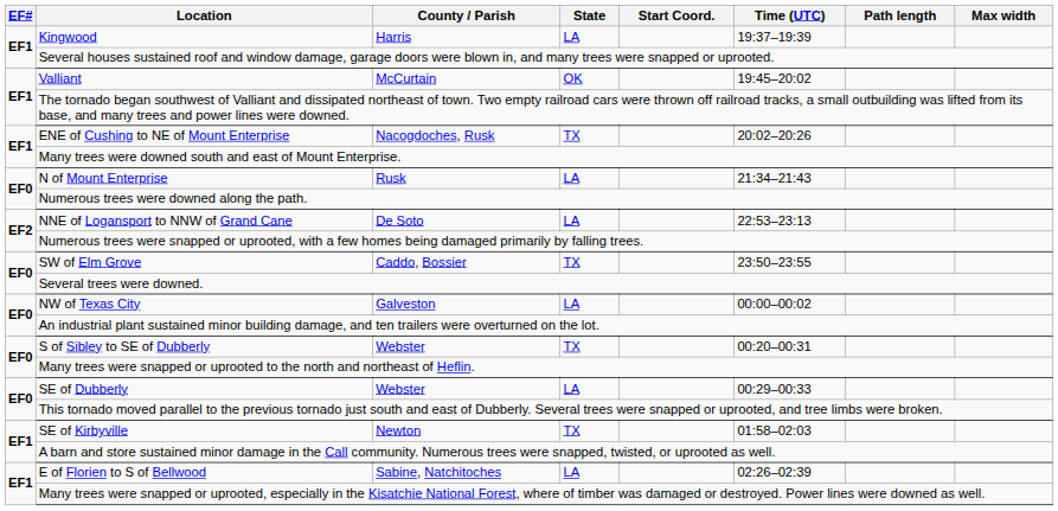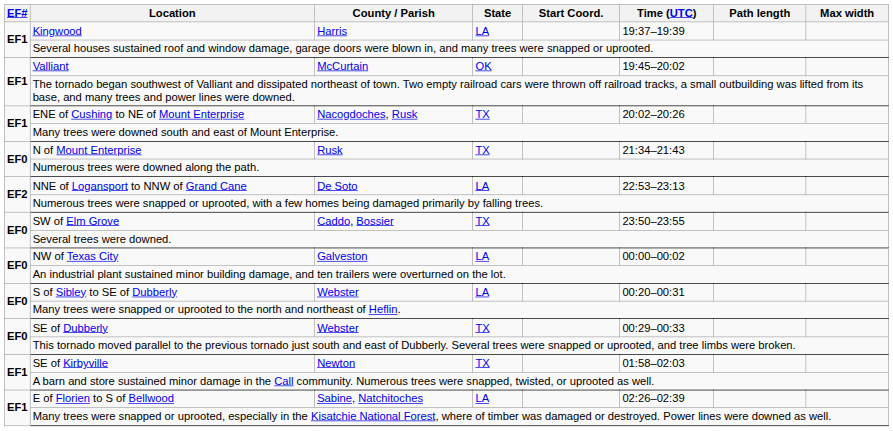 <table class="wikitable sortable" style="width:100%;">
 <tr>
 <th scope="col" width="2%" align="center"><a href='#'>EF#</a></th>
 <th scope="col" align="center" class="unsortable">Location</th>
 <th scope="col" align="center" class="unsortable">County / Parish</th>
 <th scope="col" align="center">State</th>
 <th scope="col" align="center" data-sort-type="number">Start Coord.</th>
 <th scope="col" align="center" data-sort-type="number">Time (<a href='#'>UTC</a>)</th>
 <th scope="col" align="center" data-sort-type="number">Path length</th>
 <th scope="col" align="center" data-sort-type="number">Max width</th>
 </tr>
 <tr>
 <td rowspan="2" align="center"><strong>EF1</strong></td>
 <td><a href='#'>Kingwood</a></td>
 <td><a href='#'>Harris</a></td>
 <td><a href='#'>LA</a></td>
 <td></td>
 <td>19:37–19:39</td>
 <td></td>
 <td></td>
 </tr>
 <tr class="expand-child">
 <td colspan="7" style=" border-bottom: 1px solid black;">Several houses sustained roof and window damage, garage doors were blown in, and many trees were snapped or uprooted.</td>
 </tr>
 <tr>
 <td rowspan="2" align="center"><strong>EF1</strong></td>
 <td><a href='#'>Valliant</a></td>
 <td><a href='#'>McCurtain</a></td>
 <td><a href='#'>OK</a></td>
 <td></td>
 <td>19:45–20:02</td>
 <td></td>
 <td></td>
 </tr>
 <tr class="expand-child">
 <td colspan="7" style=" border-bottom: 1px solid black;">The tornado began southwest of Valliant and dissipated northeast of town. Two empty railroad cars were thrown off railroad tracks, a small outbuilding was lifted from its base, and many trees and power lines were downed.</td>
 </tr>
 <tr>
 <td rowspan="2" align="center"><strong>EF1</strong></td>
 <td>ENE of <a href='#'>Cushing</a> to NE of <a href='#'>Mount Enterprise</a></td>
 <td><a href='#'>Nacogdoches</a>, <a href='#'>Rusk</a></td>
 <td><a href='#'>TX</a></td>
 <td></td>
 <td>20:02–20:26</td>
 <td></td>
 <td></td>
 </tr>
 <tr class="expand-child">
 <td colspan="7" style=" border-bottom: 1px solid black;">Many trees were downed south and east of Mount Enterprise.</td>
 </tr>
 <tr>
 <td rowspan="2" align="center"><strong>EF0</strong></td>
 <td>N of <a href='#'>Mount Enterprise</a></td>
 <td><a href='#'>Rusk</a></td>
-<td><a href='#'>LA</a></td>
+<td><a href='#'>TX</a></td>
 <td></td>
 <td>21:34–21:43</td>
 <td></td>
 <td></td>
 </tr>
 <tr class="expand-child">
 <td colspan="7" style=" border-bottom: 1px solid black;">Numerous trees were downed along the path.</td>
 </tr>
 <tr>
 <td rowspan="2" align="center"><strong>EF2</strong></td>
 <td>NNE of <a href='#'>Logansport</a> to NNW of <a href='#'>Grand Cane</a></td>
 <td><a href='#'>De Soto</a></td>
 <td><a href='#'>LA</a></td>
 <td></td>
 <td>22:53–23:13</td>
 <td></td>
 <td></td>
 </tr>
 <tr class="expand-child">
 <td colspan="7" style=" border-bottom: 1px solid black;">Numerous trees were snapped or uprooted, with a few homes being damaged primarily by falling trees.</td>
 </tr>
 <tr>
 <td rowspan="2" align="center"><strong>EF0</strong></td>
 <td>SW of <a href='#'>Elm Grove</a></td>
 <td><a href='#'>Caddo</a>, <a href='#'>Bossier</a></td>
 <td><a href='#'>TX</a></td>
 <td></td>
 <td>23:50–23:55</td>
 <td></td>
 <td></td>
 </tr>
 <tr class="expand-child">
 <td colspan="7" style=" border-bottom: 1px solid black;">Several trees were downed.</td>
 </tr>
 <tr>
 <td rowspan="2" align="center"><strong>EF0</strong></td>
 <td>NW of <a href='#'>Texas City</a></td>
 <td><a href='#'>Galveston</a></td>
 <td><a href='#'>LA</a></td>
 <td></td>
 <td>00:00–00:02</td>
 <td></td>
 <td></td>
 </tr>
 <tr class="expand-child">
 <td colspan="7" style=" border-bottom: 1px solid black;">An industrial plant sustained minor building damage, and ten trailers were overturned on the lot.</td>
 </tr>
 <tr>
 <td rowspan="2" align="center"><strong>EF0</strong></td>
 <td>S of <a href='#'>Sibley</a> to SE of <a href='#'>Dubberly</a></td>
 <td><a href='#'>Webster</a></td>
-<td><a href='#'>TX</a></td>
+<td><a href='#'>LA</a></td>
 <td></td>
 <td>00:20–00:31</td>
 <td></td>
 <td></td>
 </tr>
 <tr class="expand-child">
 <td colspan="7" style=" border-bottom: 1px solid black;">Many trees were snapped or uprooted to the north and northeast of <a href='#'>Heflin</a>.</td>
 </tr>
 <tr>
 <td rowspan="2" align="center"><strong>EF0</strong></td>
 <td>SE of <a href='#'>Dubberly</a></td>
 <td><a href='#'>Webster</a></td>
-<td><a href='#'>LA</a></td>
+<td><a href='#'>TX</a></td>
 <td></td>
 <td>00:29–00:33</td>
 <td></td>
 <td></td>
 </tr>
 <tr class="expand-child">
 <td colspan="7" style=" border-bottom: 1px solid black;">This tornado moved parallel to the previous tornado just south and east of Dubberly. Several trees were snapped or uprooted, and tree limbs were broken.</td>
 </tr>
 <tr>
 <td rowspan="2" align="center"><strong>EF1</strong></td>
 <td>SE of <a href='#'>Kirbyville</a></td>
 <td><a href='#'>Newton</a></td>
 <td><a href='#'>TX</a></td>
 <td></td>
 <td>01:58–02:03</td>
 <td></td>
 <td></td>
 </tr>
 <tr class="expand-child">
 <td colspan="7" style=" border-bottom: 1px solid black;">A barn and store sustained minor damage in the <a href='#'>Call</a> community. Numerous trees were snapped, twisted, or uprooted as well.</td>
 </tr>
 <tr>
 <td rowspan="2" align="center"><strong>EF1</strong></td>
 <td>E of <a href='#'>Florien</a> to S of <a href='#'>Bellwood</a></td>
 <td><a href='#'>Sabine</a>, <a href='#'>Natchitoches</a></td>
 <td><a href='#'>LA</a></td>
 <td></td>
 <td>02:26–02:39</td>
 <td></td>
 <td></td>
 </tr>
 <tr class="expand-child">
 <td colspan="7" style=" border-bottom: 1px solid black;">Many trees were snapped or uprooted, especially in the <a href='#'>Kisatchie National Forest</a>, where  of timber was damaged or destroyed. Power lines were downed as well.</td>
 </tr>
 </table>
